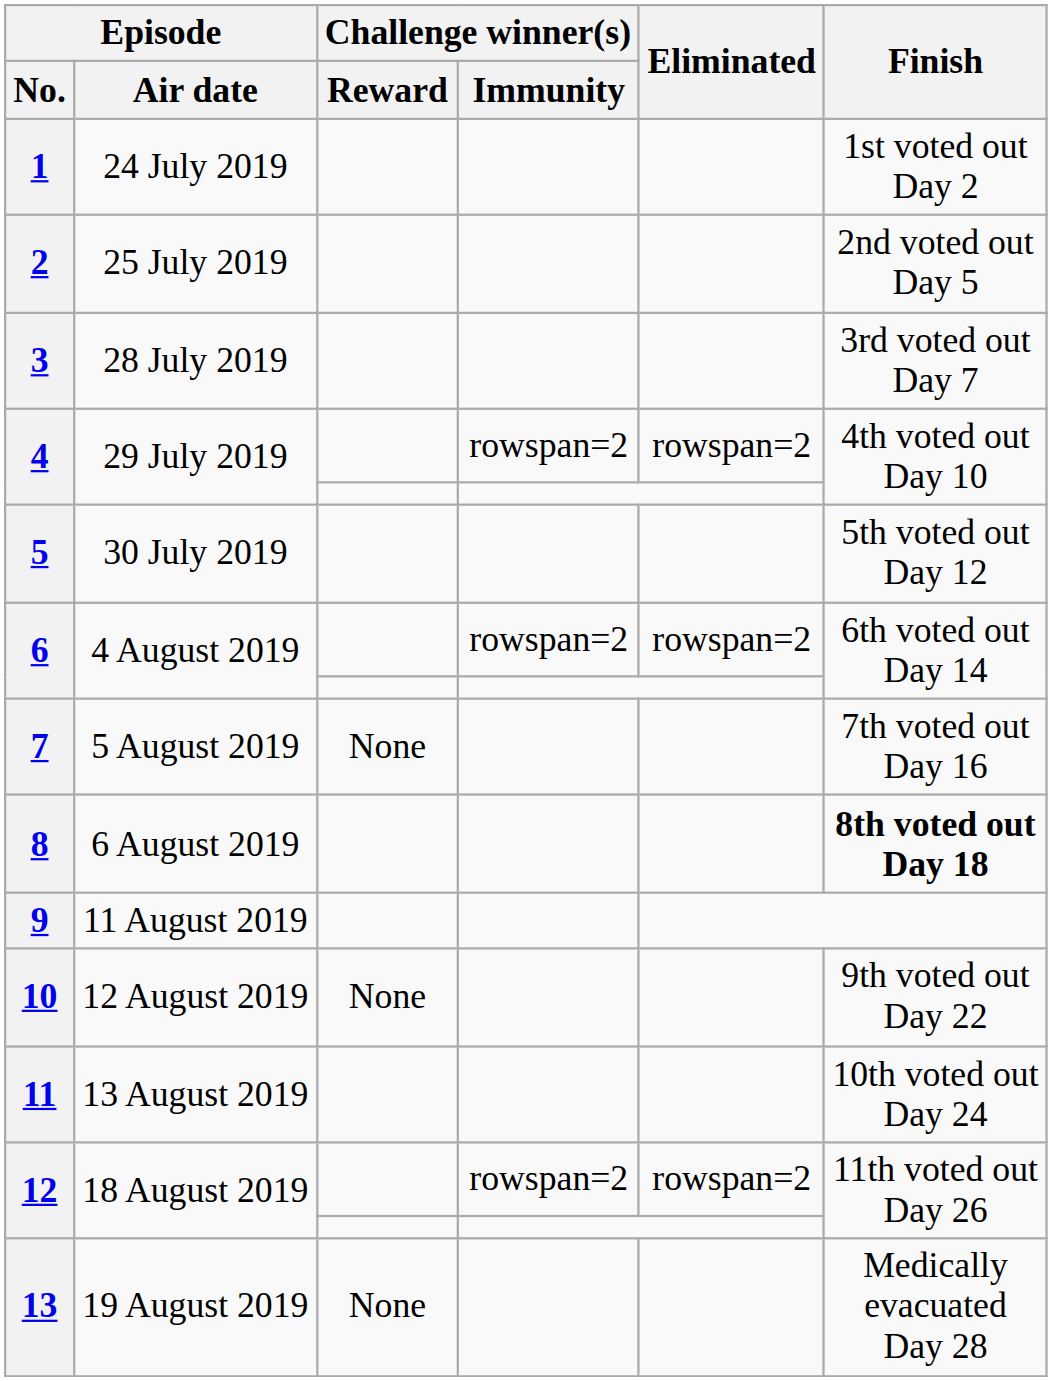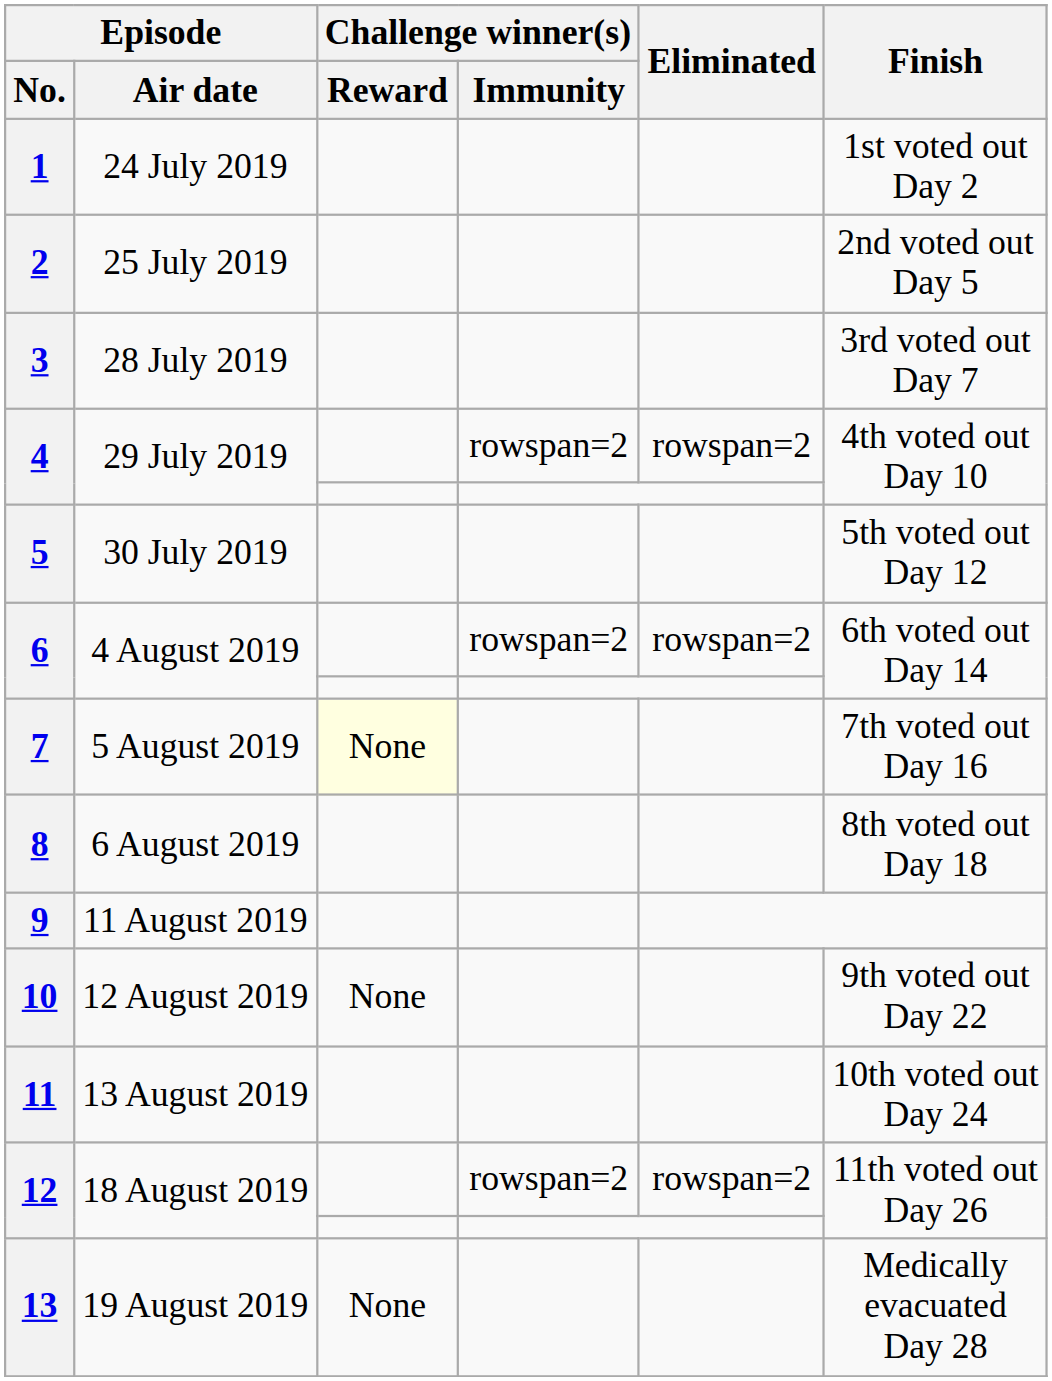 <table class="wikitable nowrap" style="text-align:center; font-size:100%">
 <tr>
 <th colspan="2">Episode</th>
 <th colspan="2">Challenge winner(s)</th>
 <th rowspan="2">Eliminated</th>
 <th rowspan="2">Finish</th>
 </tr>
 <tr>
 <th>No.</th>
 <th>Air date</th>
 <th>Reward</th>
 <th>Immunity</th>
 </tr>
 <tr>
 <th><a href='#'>1</a></th>
 <td>24 July 2019</td>
 <td></td>
 <td></td>
 <td></td>
 <td>1st voted out<br>Day 2</td>
 </tr>
 <tr>
 <th><a href='#'>2</a></th>
 <td>25 July 2019</td>
 <td></td>
 <td></td>
 <td></td>
 <td>2nd voted out<br>Day 5</td>
 </tr>
 <tr>
 <th><a href='#'>3</a></th>
 <td>28 July 2019</td>
 <td></td>
 <td></td>
 <td></td>
 <td>3rd voted out<br>Day 7</td>
 </tr>
 <tr>
 <th rowspan=2><a href='#'>4</a></th>
 <td rowspan=2>29 July 2019</td>
 <td></td>
 <td>rowspan=2 </td>
 <td>rowspan=2 </td>
 <td rowspan=2>4th voted out<br>Day 10</td>
 </tr>
 <tr>
 <td></td>
 </tr>
 <tr>
 <th><a href='#'>5</a></th>
 <td>30 July 2019</td>
 <td></td>
 <td></td>
 <td></td>
 <td>5th voted out<br>Day 12</td>
 </tr>
 <tr>
 <th rowspan=2><a href='#'>6</a></th>
 <td rowspan=2>4 August 2019</td>
 <td></td>
 <td>rowspan=2 </td>
 <td>rowspan=2 </td>
 <td rowspan=2>6th voted out<br>Day 14</td>
 </tr>
 <tr>
 <td></td>
 </tr>
 <tr>
 <th><a href='#'>7</a></th>
 <td>5 August 2019</td>
-<td>None</td>
+<td style="background: lightyellow;">None</td>
 <td></td>
 <td></td>
 <td 18>7th voted out<br>Day 16</td>
 </tr>
 <tr>
 <th><a href='#'>8</a></th>
 <td>6 August 2019</td>
 <td></td>
 <td></td>
 <td></td>
-<td><strong>8th voted out<br>Day 18</strong></td>
+<td>8th voted out<br>Day 18</td>
 </tr>
 <tr>
 <th><a href='#'>9</a></th>
 <td>11 August 2019</td>
 <td></td>
 <td></td>
 <td colspan="2"><small><em><br></em></small></td>
 </tr>
 <tr>
 <th><a href='#'>10</a></th>
 <td>12 August 2019</td>
 <td>None</td>
 <td></td>
 <td></td>
 <td>9th voted out<br>Day 22</td>
 </tr>
 <tr>
 <th><a href='#'>11</a></th>
 <td>13 August 2019</td>
 <td></td>
 <td></td>
 <td></td>
 <td>10th voted out<br>Day 24</td>
 </tr>
 <tr>
 <th rowspan=2><a href='#'>12</a></th>
 <td rowspan=2>18 August 2019</td>
 <td></td>
 <td>rowspan=2 </td>
 <td>rowspan=2 </td>
 <td rowspan=2>11th voted out<br>Day 26</td>
 </tr>
 <tr>
 <td></td>
 </tr>
 <tr>
 <th><a href='#'>13</a></th>
 <td>19 August 2019</td>
 <td>None</td>
 <td></td>
 <td></td>
 <td>Medically <br>evacuated <br>Day 28</td>
 </tr>
 <tr>
 </tr>
 </table>
